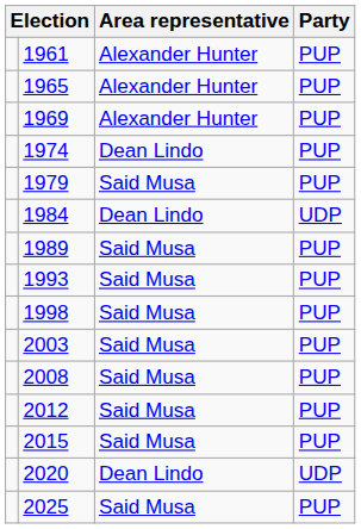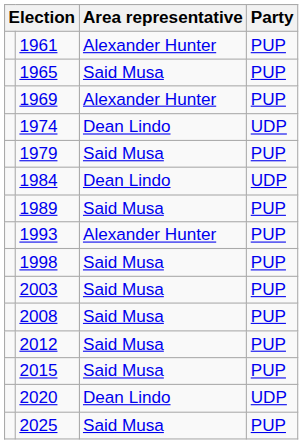 <table class="wikitable">
 <tr>
 <th colspan="2">Election</th>
 <th>Area representative</th>
 <th>Party</th>
 </tr>
 <tr>
 <td style="background-color: "></td>
 <td><a href='#'>1961</a></td>
 <td><a href='#'>Alexander Hunter</a></td>
 <td><a href='#'>PUP</a></td>
 </tr>
 <tr>
 <td style="background-color: "></td>
 <td><a href='#'>1965</a></td>
-<td><a href='#'>Alexander Hunter</a></td>
+<td><a href='#'>Said Musa</a></td>
 <td><a href='#'>PUP</a></td>
 </tr>
 <tr>
 <td style="background-color: "></td>
 <td><a href='#'>1969</a></td>
 <td><a href='#'>Alexander Hunter</a></td>
 <td><a href='#'>PUP</a></td>
 </tr>
 <tr>
 <td style="background-color: "></td>
 <td><a href='#'>1974</a></td>
 <td><a href='#'>Dean Lindo</a></td>
-<td><a href='#'>PUP</a></td>
+<td><a href='#'>UDP</a></td>
 </tr>
 <tr>
 <td style="background-color: "></td>
 <td><a href='#'>1979</a></td>
 <td><a href='#'>Said Musa</a></td>
 <td><a href='#'>PUP</a></td>
 </tr>
 <tr>
 <td style="background-color: "></td>
 <td><a href='#'>1984</a></td>
 <td><a href='#'>Dean Lindo</a></td>
 <td><a href='#'>UDP</a></td>
 </tr>
 <tr>
 <td style="background-color: "></td>
 <td><a href='#'>1989</a></td>
 <td><a href='#'>Said Musa</a></td>
 <td><a href='#'>PUP</a></td>
 </tr>
 <tr>
 <td style="background-color: "></td>
 <td><a href='#'>1993</a></td>
-<td><a href='#'>Said Musa</a></td>
+<td><a href='#'>Alexander Hunter</a></td>
 <td><a href='#'>PUP</a></td>
 </tr>
 <tr>
 <td style="background-color: "></td>
 <td><a href='#'>1998</a></td>
 <td><a href='#'>Said Musa</a></td>
 <td><a href='#'>PUP</a></td>
 </tr>
 <tr>
 <td style="background-color: "></td>
 <td><a href='#'>2003</a></td>
 <td><a href='#'>Said Musa</a></td>
 <td><a href='#'>PUP</a></td>
 </tr>
 <tr>
 <td style="background-color: "></td>
 <td><a href='#'>2008</a></td>
 <td><a href='#'>Said Musa</a></td>
 <td><a href='#'>PUP</a></td>
 </tr>
 <tr>
 <td style="background-color: "></td>
 <td><a href='#'>2012</a></td>
 <td><a href='#'>Said Musa</a></td>
 <td><a href='#'>PUP</a></td>
 </tr>
 <tr>
 <td style="background-color: "></td>
 <td><a href='#'>2015</a></td>
 <td><a href='#'>Said Musa</a></td>
 <td><a href='#'>PUP</a></td>
 </tr>
 <tr>
 <td style="background-color: "></td>
 <td><a href='#'>2020</a></td>
 <td><a href='#'>Dean Lindo</a></td>
 <td><a href='#'>UDP</a></td>
 </tr>
 <tr>
 <td style="background-color: "></td>
 <td><a href='#'>2025</a></td>
 <td><a href='#'>Said Musa</a></td>
 <td><a href='#'>PUP</a></td>
 </tr>
 </table>
